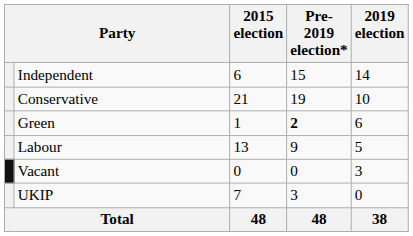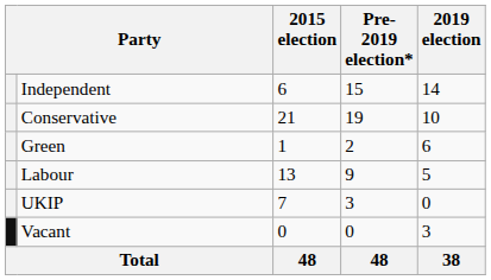 <table class="wikitable">
 <tr>
 <th colspan="2" style="width:230px;">Party</th>
 <th style="vertical-align:top; width:30px;">2015 election</th>
 <th style="vertical-align:top; width:30px;">Pre-2019 election*</th>
 <th style="vertical-align:top; width:30px;">2019 election</th>
 </tr>
 <tr>
 <th style="background-color: "></th>
 <td>Independent</td>
 <td>6</td>
 <td>15</td>
 <td>14</td>
 </tr>
 <tr>
 <th style="background-color: "></th>
 <td>Conservative</td>
 <td>21</td>
 <td>19</td>
 <td>10</td>
 </tr>
 <tr>
 <th style="background-color: "></th>
 <td>Green</td>
 <td>1</td>
-<td><strong>2</strong></td>
+<td>2</td>
 <td>6</td>
 </tr>
 <tr>
 <th style="background-color: "></th>
 <td>Labour</td>
 <td>13</td>
 <td>9</td>
 <td>5</td>
 </tr>
 <tr>
+<th style="background-color: "></th>
+<td>UKIP</td>
+<td>7</td>
+<td>3</td>
+<td>0</td>
+</tr>
+<tr>
 <th style="background-color:#111111; width: 3px;"></th>
 <td>Vacant</td>
 <td>0</td>
 <td>0</td>
 <td>3</td>
-</tr>
-<tr>
-<th style="background-color: "></th>
-<td>UKIP</td>
-<td>7</td>
-<td>3</td>
-<td>0</td>
 </tr>
 <tr>
 <th colspan=2>Total</th>
 <th style="text-align: center">48</th>
 <th>48</th>
 <th>38</th>
 </tr>
 </table>
